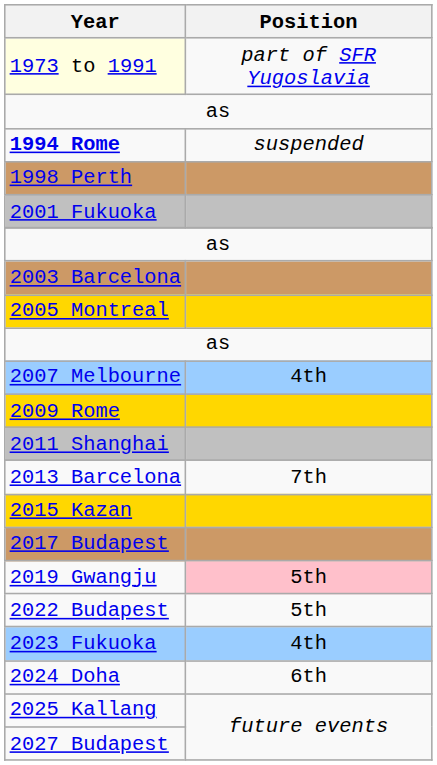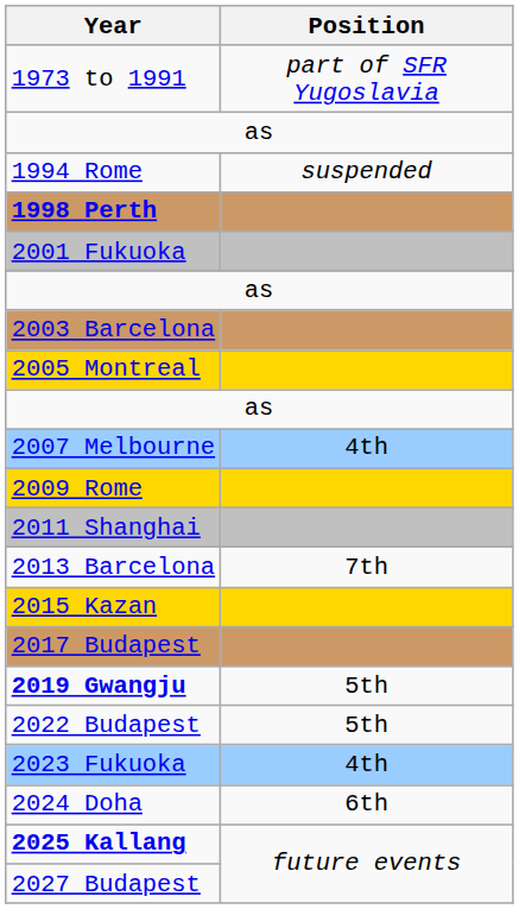 <table class="wikitable" style="text-align: center;">
 <tr>
 <th>Year</th>
 <th width="150">Position</th>
 </tr>
 <tr>
-<td style="background: lightyellow; text-align: left; "><a href='#'>1973</a> to <a href='#'>1991</a></td>
+<td style="text-align: left; "><a href='#'>1973</a> to <a href='#'>1991</a></td>
 <td colspan=4><em>part of <a href='#'>SFR Yugoslavia</a></em></td>
 </tr>
 <tr>
 <td colspan=5>as <strong></strong></td>
 </tr>
 <tr>
-<td style="text-align: left;"><strong> <a href='#'>1994 Rome</a></strong></td>
+<td style="text-align: left;"> <a href='#'>1994 Rome</a></td>
 <td><em>suspended</em></td>
 </tr>
 <tr bgcolor=cc9966>
-<td style="text-align: left;"> <a href='#'>1998 Perth</a></td>
+<td style="text-align: left;"><strong> <a href='#'>1998 Perth</a></strong></td>
 <td></td>
 </tr>
 <tr bgcolor=silver>
 <td style="text-align: left;"> <a href='#'>2001 Fukuoka</a></td>
 <td></td>
 </tr>
 <tr bgcolor=cc9966>
 </tr>
 <tr>
 <td colspan=5>as <strong></strong></td>
 </tr>
 <tr bgcolor=cc9966>
 <td style="text-align: left;"> <a href='#'>2003 Barcelona</a></td>
 <td></td>
 </tr>
 <tr bgcolor=gold>
 <td style="text-align: left;"> <a href='#'>2005 Montreal</a></td>
 <td></td>
 </tr>
 <tr>
 <td colspan=5>as <strong></strong></td>
 </tr>
 <tr style="background:#9acdff;">
 <td style="text-align: left;"> <a href='#'>2007 Melbourne</a></td>
 <td>4th</td>
 </tr>
 <tr bgcolor=gold>
 <td style="text-align: left;"> <a href='#'>2009 Rome</a></td>
 <td></td>
 </tr>
 <tr bgcolor=silver>
 <td style="text-align: left;"> <a href='#'>2011 Shanghai</a></td>
 <td></td>
 </tr>
 <tr>
 <td style="text-align: left;"> <a href='#'>2013 Barcelona</a></td>
 <td>7th</td>
 </tr>
 <tr bgcolor=gold>
 <td style="text-align: left;"> <a href='#'>2015 Kazan</a></td>
 <td></td>
 </tr>
 <tr bgcolor=cc9966>
 <td style="text-align: left;"> <a href='#'>2017 Budapest</a></td>
 <td></td>
 </tr>
 <tr>
-<td style="text-align: left;"> <a href='#'>2019 Gwangju</a></td>
-<td style="background: pink;">5th</td>
+<td style="text-align: left;"><strong> <a href='#'>2019 Gwangju</a></strong></td>
+<td>5th</td>
 </tr>
 <tr>
 <td style="text-align: left;"> <a href='#'>2022 Budapest</a></td>
 <td>5th</td>
 </tr>
 <tr style="background:#9acdff;">
 <td style="text-align: left;"> <a href='#'>2023 Fukuoka</a></td>
 <td>4th</td>
 </tr>
 <tr>
 <td style="text-align: left;"> <a href='#'>2024 Doha</a></td>
 <td>6th</td>
 </tr>
 <tr>
-<td style="text-align: left;"> <a href='#'>2025 Kallang</a></td>
+<td style="text-align: left;"><strong> <a href='#'>2025 Kallang</a></strong></td>
 <td rowspan=2><em>future events</em></td>
 </tr>
 <tr>
 <td style="text-align: left;"> <a href='#'>2027 Budapest</a></td>
 </tr>
 </table>
